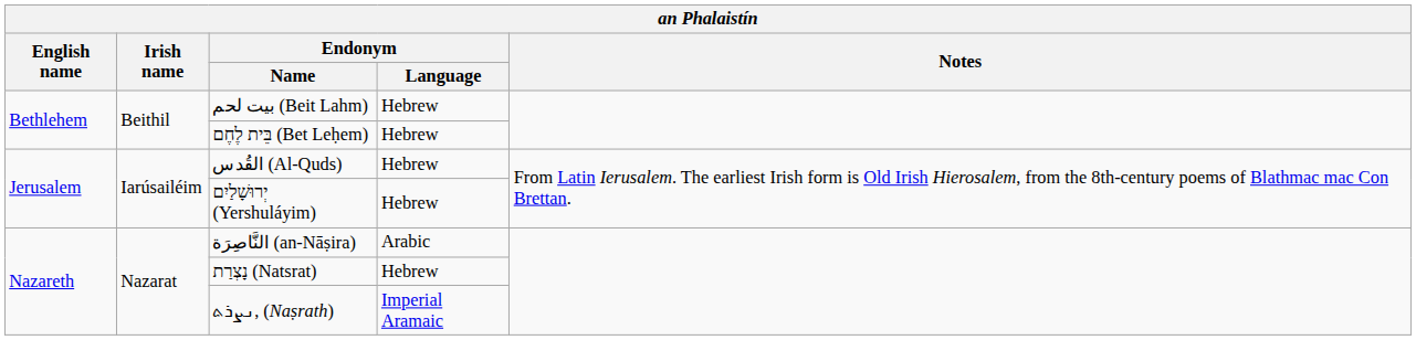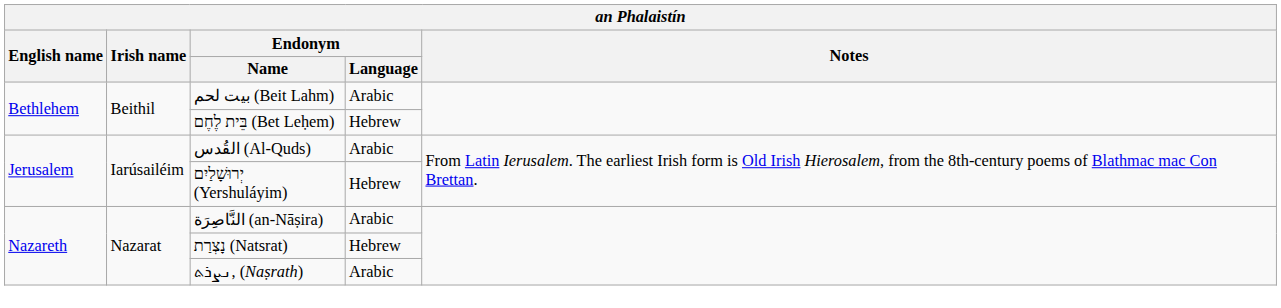 <table class="wikitable sortable">
 <tr>
 <th colspan="5"> <em>an Phalaistín</em></th>
 </tr>
 <tr>
 <th rowspan="2">English name</th>
 <th rowspan="2">Irish name</th>
 <th colspan="2">Endonym</th>
 <th rowspan="2">Notes</th>
 </tr>
 <tr>
 <th>Name</th>
 <th>Language</th>
 </tr>
 <tr>
 <td rowspan="2"><a href='#'>Bethlehem</a></td>
 <td rowspan="2">Beithil</td>
 <td>بيت لحم (Beit Lahm)</td>
-<td>Hebrew</td>
+<td>Arabic</td>
 <td rowspan="2"></td>
 </tr>
 <tr>
 <td>בֵּית לֶחֶם (Bet Leḥem)</td>
 <td>Hebrew</td>
 </tr>
 <tr>
 <td rowspan="2"><a href='#'>Jerusalem</a></td>
 <td rowspan="2">Iarúsailéim</td>
 <td>القُدس‎ (Al-Quds)</td>
-<td>Hebrew</td>
+<td>Arabic</td>
 <td rowspan="2">From <a href='#'>Latin</a> <em>Ierusalem</em>. The earliest Irish form is <a href='#'>Old Irish</a> <em>Hierosalem</em>, from the 8th-century poems of <a href='#'>Blathmac mac Con Brettan</a>.</td>
 </tr>
 <tr>
 <td>יְרוּשָׁלַיִם (Yershuláyim)</td>
 <td>Hebrew</td>
 </tr>
 <tr>
 <td rowspan="3"><a href='#'>Nazareth</a></td>
 <td rowspan="3">Nazarat</td>
 <td>النَّاصِرَة (an-Nāṣira)</td>
 <td>Arabic</td>
 <td rowspan="3"></td>
 </tr>
 <tr>
 <td>נָצְרַת‎ (Natsrat)</td>
 <td>Hebrew</td>
 </tr>
 <tr>
 <td>ܢܨܪܬ, (<em>Naṣrath</em>)</td>
-<td><a href='#'>Imperial Aramaic</a></td>
+<td>Arabic</td>
 </tr>
 </table>
